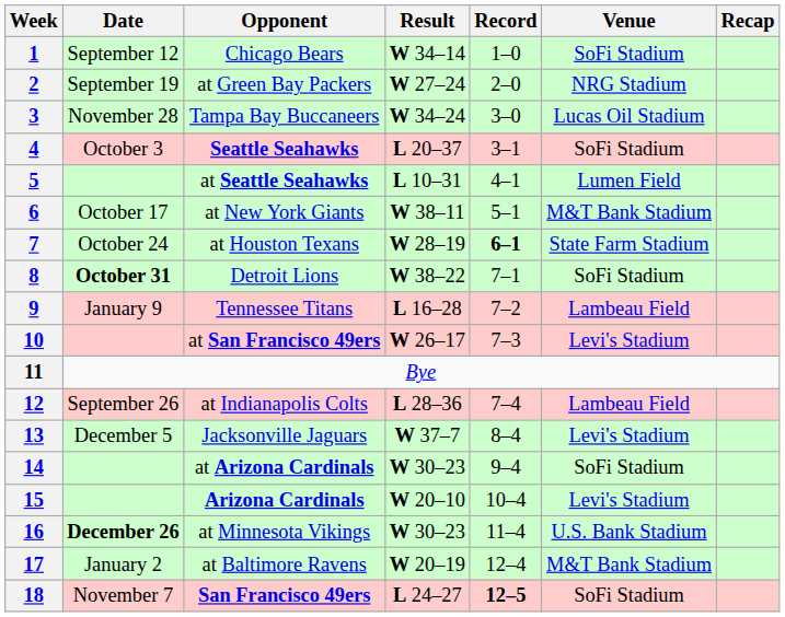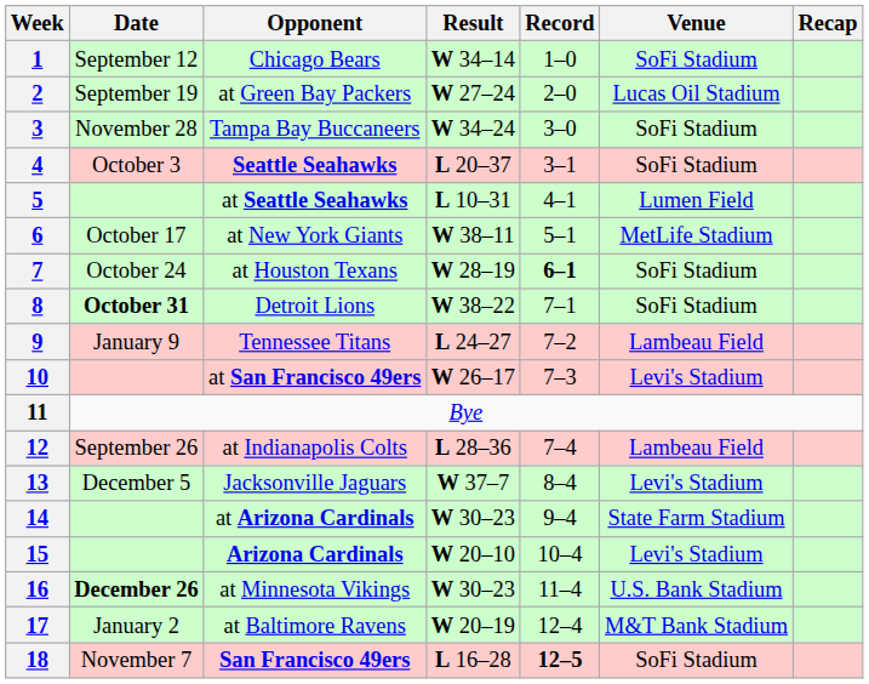 <table class="wikitable" style="text-align:center">
 <tr>
 <th>Week</th>
 <th>Date</th>
 <th>Opponent</th>
 <th>Result</th>
 <th>Record</th>
 <th>Venue</th>
 <th>Recap</th>
 </tr>
 <tr style="background:#cfc">
 <th><a href='#'>1</a></th>
 <td>September 12</td>
 <td><a href='#'>Chicago Bears</a></td>
 <td><strong>W</strong> 34–14</td>
 <td>1–0</td>
 <td><a href='#'>SoFi Stadium</a></td>
 <td></td>
 </tr>
 <tr style="background:#cfc">
 <th><a href='#'>2</a></th>
 <td>September 19</td>
 <td>at <a href='#'>Green Bay Packers</a></td>
 <td><strong>W</strong>  27–24</td>
 <td>2–0</td>
-<td><a href='#'>NRG Stadium</a></td>
+<td><a href='#'>Lucas Oil Stadium</a></td>
 <td></td>
 </tr>
 <tr style="background:#cfc">
 <th><a href='#'>3</a></th>
 <td>November 28</td>
 <td><a href='#'>Tampa Bay Buccaneers</a></td>
 <td><strong>W</strong> 34–24</td>
 <td>3–0</td>
-<td><a href='#'>Lucas Oil Stadium</a></td>
+<td>SoFi Stadium</td>
 <td></td>
 </tr>
 <tr style="background:#fcc">
 <th><a href='#'>4</a></th>
 <td>October 3</td>
 <td><strong><a href='#'>Seattle Seahawks</a></strong></td>
 <td><strong>L</strong> 20–37</td>
 <td>3–1</td>
 <td>SoFi Stadium</td>
 <td></td>
 </tr>
 <tr style="background:#cfc">
 <th><a href='#'>5</a></th>
 <td></td>
 <td>at <strong><a href='#'>Seattle Seahawks</a></strong></td>
 <td><strong>L</strong> 10–31</td>
 <td>4–1</td>
 <td><a href='#'>Lumen Field</a></td>
 <td></td>
 </tr>
 <tr style="background:#cfc">
 <th><a href='#'>6</a></th>
 <td>October 17</td>
 <td>at <a href='#'>New York Giants</a></td>
 <td><strong>W</strong> 38–11</td>
 <td>5–1</td>
-<td><a href='#'>M&T Bank Stadium</a></td>
+<td><a href='#'>MetLife Stadium</a></td>
 <td></td>
 </tr>
 <tr style="background:#cfc">
 <th><a href='#'>7</a></th>
 <td>October 24</td>
 <td>at <a href='#'>Houston Texans</a></td>
 <td><strong>W</strong> 28–19</td>
 <td><strong>6–1</strong></td>
-<td><a href='#'>State Farm Stadium</a></td>
+<td>SoFi Stadium</td>
 <td></td>
 </tr>
 <tr style="background:#cfc">
 <th><a href='#'>8</a></th>
 <td><strong>October 31</strong></td>
 <td><a href='#'>Detroit Lions</a></td>
 <td><strong>W</strong> 38–22</td>
 <td>7–1</td>
 <td>SoFi Stadium</td>
 <td></td>
 </tr>
 <tr style="background:#fcc">
 <th><a href='#'>9</a></th>
 <td>January 9</td>
 <td><a href='#'>Tennessee Titans</a></td>
-<td><strong>L</strong> 16–28</td>
+<td><strong>L</strong> 24–27 </td>
 <td>7–2</td>
 <td><a href='#'>Lambeau Field</a></td>
 <td></td>
 </tr>
 <tr style="background:#fcc">
 <th><a href='#'>10</a></th>
 <td></td>
 <td>at <strong><a href='#'>San Francisco 49ers</a></strong></td>
 <td><strong>W</strong> 26–17</td>
 <td>7–3</td>
 <td><a href='#'>Levi's Stadium</a></td>
 <td></td>
 </tr>
 <tr>
 <th>11</th>
 <td colspan="6"><em><a href='#'>Bye</a></em></td>
 </tr>
 <tr style="background:#fcc">
 <th><a href='#'>12</a></th>
 <td>September 26</td>
 <td>at <a href='#'>Indianapolis Colts</a></td>
 <td><strong>L</strong> 28–36</td>
 <td>7–4</td>
 <td><a href='#'>Lambeau Field</a></td>
 <td></td>
 </tr>
 <tr style="background:#cfc">
 <th><a href='#'>13</a></th>
 <td>December 5</td>
 <td><a href='#'>Jacksonville Jaguars</a></td>
 <td><strong>W</strong> 37–7</td>
 <td>8–4</td>
 <td><a href='#'>Levi's Stadium</a></td>
 <td></td>
 </tr>
 <tr style="background:#cfc">
 <th><a href='#'>14</a></th>
 <td></td>
 <td>at <strong><a href='#'>Arizona Cardinals</a></strong></td>
 <td><strong>W</strong> 30–23</td>
 <td>9–4</td>
-<td>SoFi Stadium</td>
+<td><a href='#'>State Farm Stadium</a></td>
 <td></td>
 </tr>
 <tr style="background:#cfc">
 <th><a href='#'>15</a></th>
 <td></td>
 <td><strong><a href='#'>Arizona Cardinals</a></strong></td>
 <td><strong>W</strong> 20–10</td>
 <td>10–4</td>
 <td><a href='#'>Levi's Stadium</a></td>
 <td></td>
 </tr>
 <tr style="background:#cfc">
 <th><a href='#'>16</a></th>
 <td><strong>December 26</strong></td>
 <td>at <a href='#'>Minnesota Vikings</a></td>
 <td><strong>W</strong> 30–23</td>
 <td>11–4</td>
 <td><a href='#'>U.S. Bank Stadium</a></td>
 <td></td>
 </tr>
 <tr style="background:#cfc">
 <th><a href='#'>17</a></th>
 <td>January 2</td>
 <td>at <a href='#'>Baltimore Ravens</a></td>
 <td><strong>W</strong> 20–19</td>
 <td>12–4</td>
 <td><a href='#'>M&T Bank Stadium</a></td>
 <td></td>
 </tr>
 <tr style="background:#fcc">
 <th><a href='#'>18</a></th>
 <td>November 7</td>
 <td><strong><a href='#'>San Francisco 49ers</a></strong></td>
-<td><strong>L</strong> 24–27 </td>
+<td><strong>L</strong> 16–28</td>
 <td><strong>12–5</strong></td>
 <td>SoFi Stadium</td>
 <td></td>
 </tr>
 </table>
